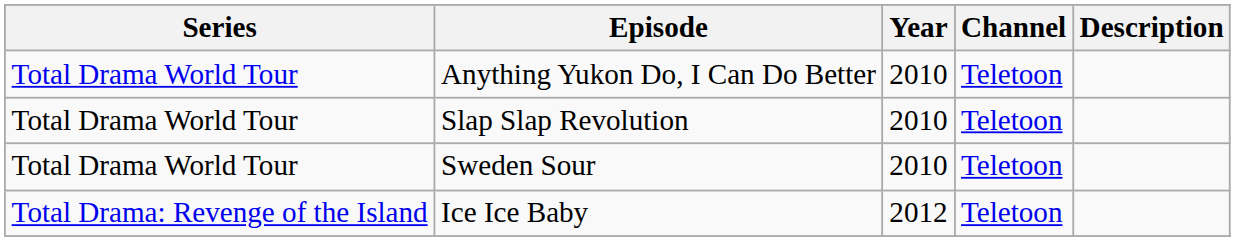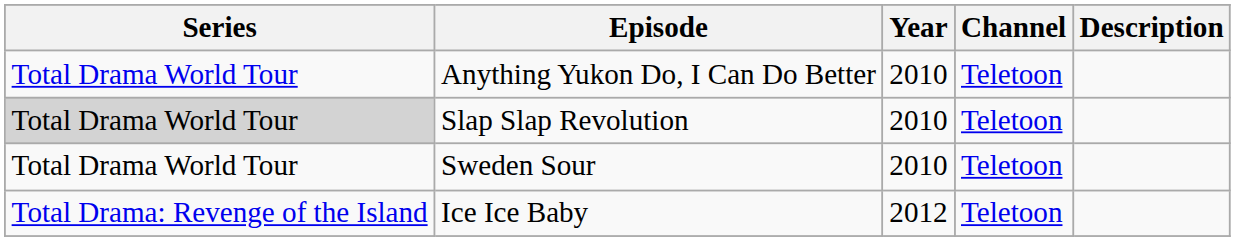 <table class="wikitable sortable">
 <tr>
 <th>Series</th>
 <th>Episode</th>
 <th>Year</th>
 <th>Channel</th>
 <th>Description</th>
 </tr>
 <tr>
 <td><a href='#'>Total Drama World Tour</a></td>
 <td>Anything Yukon Do, I Can Do Better</td>
 <td>2010</td>
 <td><a href='#'>Teletoon</a></td>
 <td></td>
 </tr>
 <tr>
-<td>Total Drama World Tour</td>
+<td style="background: lightgrey;">Total Drama World Tour</td>
 <td>Slap Slap Revolution</td>
 <td>2010</td>
 <td><a href='#'>Teletoon</a></td>
 <td></td>
 </tr>
 <tr>
 <td>Total Drama World Tour</td>
 <td>Sweden Sour</td>
 <td>2010</td>
 <td><a href='#'>Teletoon</a></td>
 <td></td>
 </tr>
 <tr>
 <td><a href='#'>Total Drama: Revenge of the Island</a></td>
 <td>Ice Ice Baby</td>
 <td>2012</td>
 <td><a href='#'>Teletoon</a></td>
 <td></td>
 </tr>
 </table>
